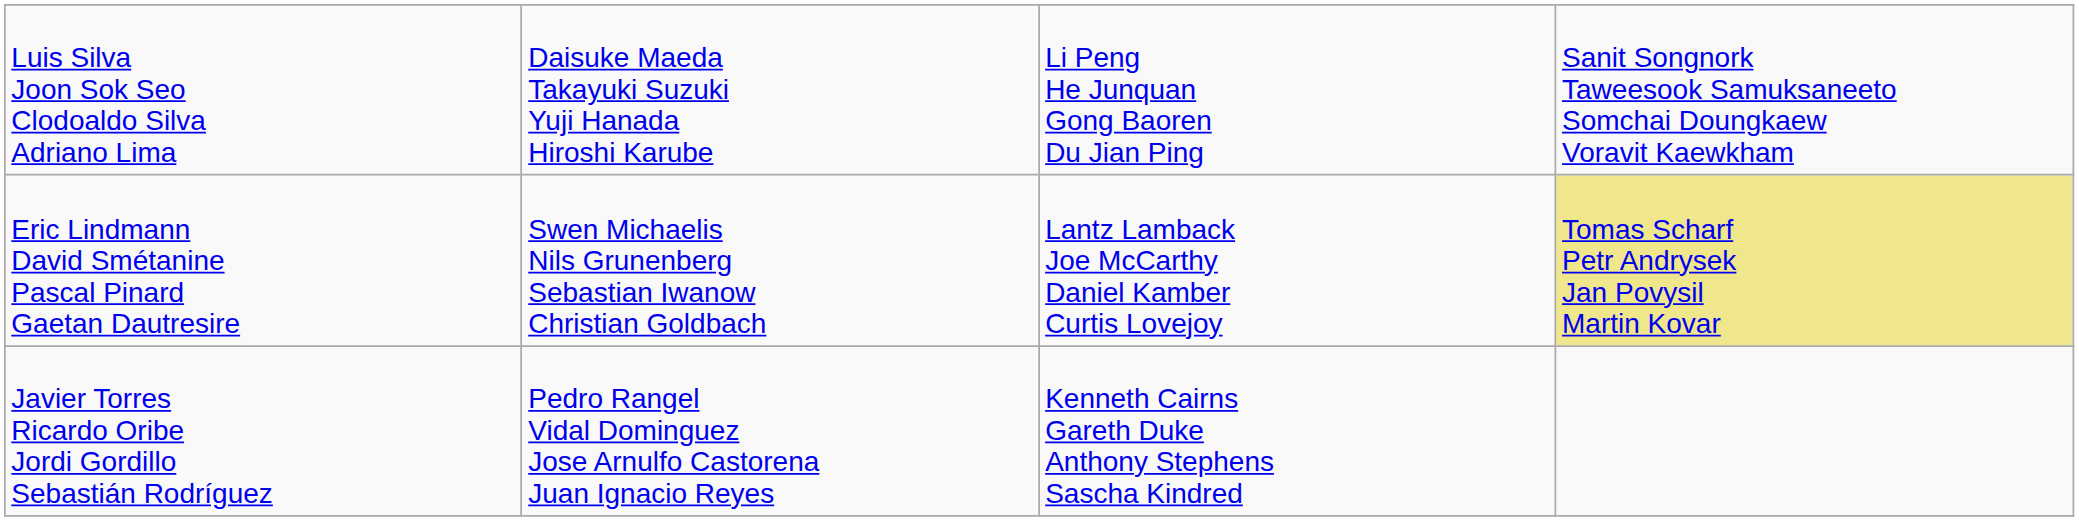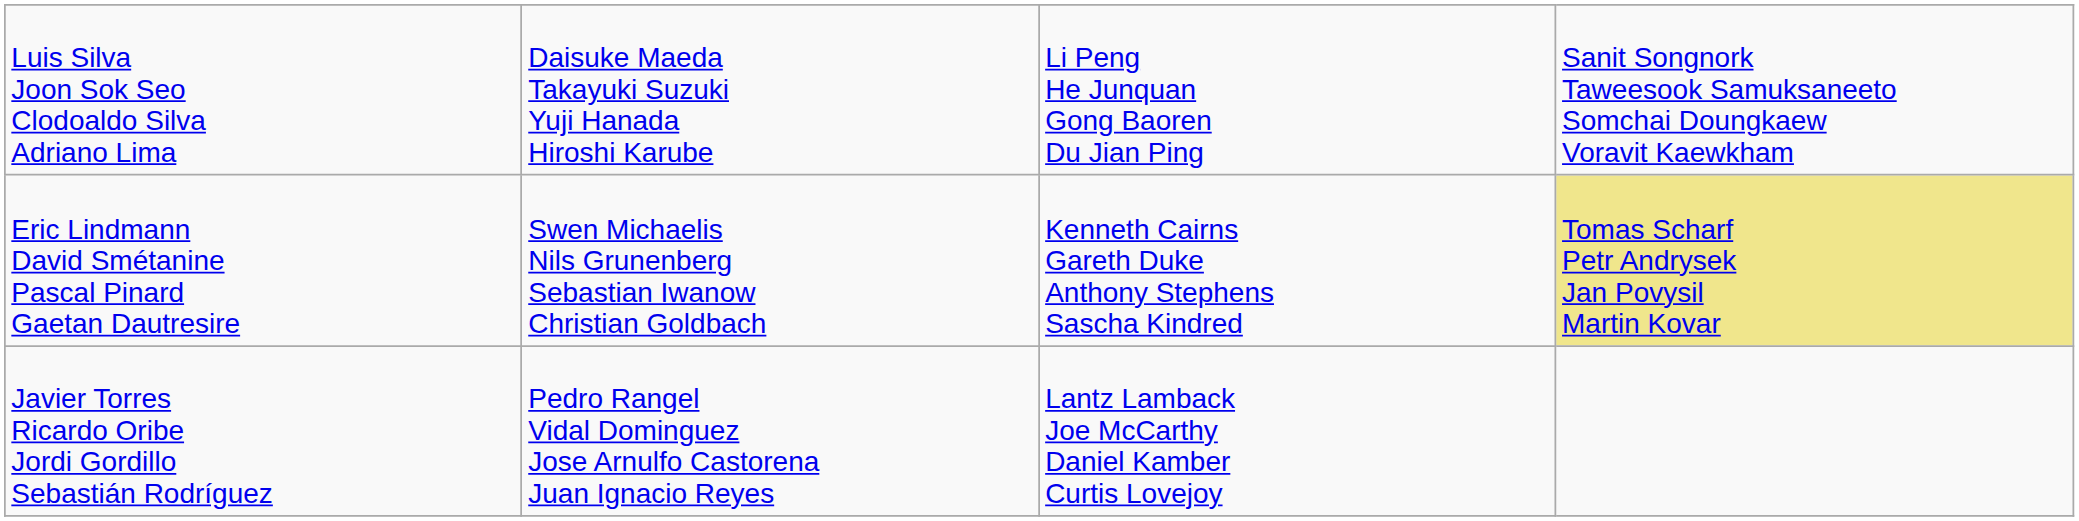 <table class="wikitable">
 <tr>
 <td style="vertical-align:top; width:18em"><br><a href='#'>Luis Silva</a><br><a href='#'>Joon Sok Seo</a><br><a href='#'>Clodoaldo Silva</a><br><a href='#'>Adriano Lima</a></td>
 <td style="vertical-align:top; width:18em"><br><a href='#'>Daisuke Maeda</a><br><a href='#'>Takayuki Suzuki</a><br><a href='#'>Yuji Hanada</a><br><a href='#'>Hiroshi Karube</a></td>
 <td style="vertical-align:top; width:18em"><br><a href='#'>Li Peng</a><br><a href='#'>He Junquan</a><br><a href='#'>Gong Baoren</a><br><a href='#'>Du Jian Ping</a></td>
 <td style="vertical-align:top; width:18em"><br><a href='#'>Sanit Songnork</a><br><a href='#'>Taweesook Samuksaneeto</a><br><a href='#'>Somchai Doungkaew</a><br><a href='#'>Voravit Kaewkham</a></td>
 </tr>
 <tr>
 <td style="vertical-align:top; width:18em"><br><a href='#'>Eric Lindmann</a><br><a href='#'>David Smétanine</a><br><a href='#'>Pascal Pinard</a><br><a href='#'>Gaetan Dautresire</a></td>
 <td style="vertical-align:top; width:18em"><br><a href='#'>Swen Michaelis</a><br><a href='#'>Nils Grunenberg</a><br><a href='#'>Sebastian Iwanow</a><br><a href='#'>Christian Goldbach</a></td>
-<td style="vertical-align:top; width:18em"><br><a href='#'>Lantz Lamback</a><br><a href='#'>Joe McCarthy</a><br><a href='#'>Daniel Kamber</a><br><a href='#'>Curtis Lovejoy</a></td>
+<td style="vertical-align:top; width:18em"><br><a href='#'>Kenneth Cairns</a><br><a href='#'>Gareth Duke</a><br><a href='#'>Anthony Stephens</a><br><a href='#'>Sascha Kindred</a></td>
 <td style="background: khaki; vertical-align:top; width:18em"><br><a href='#'>Tomas Scharf</a><br><a href='#'>Petr Andrysek</a><br><a href='#'>Jan Povysil</a><br><a href='#'>Martin Kovar</a></td>
 </tr>
 <tr>
 <td style="vertical-align:top; width:18em"><br><a href='#'>Javier Torres</a><br><a href='#'>Ricardo Oribe</a><br><a href='#'>Jordi Gordillo</a><br><a href='#'>Sebastián Rodríguez</a></td>
 <td style="vertical-align:top; width:18em"><br><a href='#'>Pedro Rangel</a><br><a href='#'>Vidal Dominguez</a><br><a href='#'>Jose Arnulfo Castorena</a><br><a href='#'>Juan Ignacio Reyes</a></td>
-<td style="vertical-align:top; width:18em"><br><a href='#'>Kenneth Cairns</a><br><a href='#'>Gareth Duke</a><br><a href='#'>Anthony Stephens</a><br><a href='#'>Sascha Kindred</a></td>
+<td style="vertical-align:top; width:18em"><br><a href='#'>Lantz Lamback</a><br><a href='#'>Joe McCarthy</a><br><a href='#'>Daniel Kamber</a><br><a href='#'>Curtis Lovejoy</a></td>
 </tr>
 </table>
